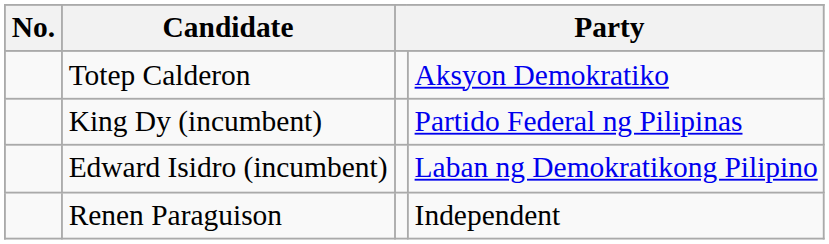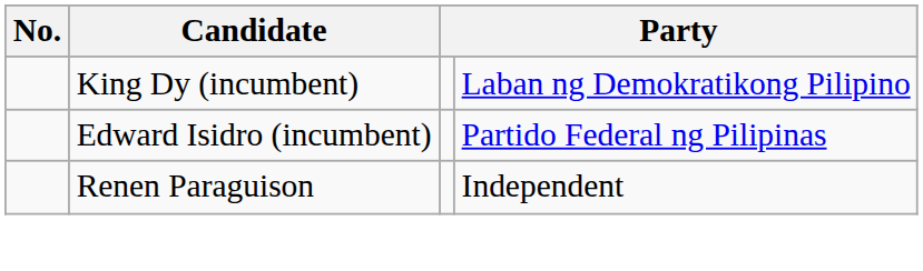 <table class="wikitable sortable" style="text-align:left;">
 <tr>
 <th>No.</th>
 <th>Candidate</th>
 <th colspan="2">Party</th>
 </tr>
 <tr>
 <td></td>
-<td>Totep Calderon</td>
-<td></td>
-<td><a href='#'>Aksyon Demokratiko</a></td>
-</tr>
-<tr>
-<td></td>
 <td>King Dy (incumbent)</td>
 <td></td>
-<td><a href='#'>Partido Federal ng Pilipinas</a></td>
+<td><a href='#'>Laban ng Demokratikong Pilipino</a></td>
 </tr>
 <tr>
 <td></td>
 <td>Edward Isidro (incumbent)</td>
 <td></td>
-<td><a href='#'>Laban ng Demokratikong Pilipino</a></td>
+<td><a href='#'>Partido Federal ng Pilipinas</a></td>
 </tr>
 <tr>
 <td></td>
 <td>Renen Paraguison</td>
 <td></td>
 <td>Independent</td>
 </tr>
 </table>
